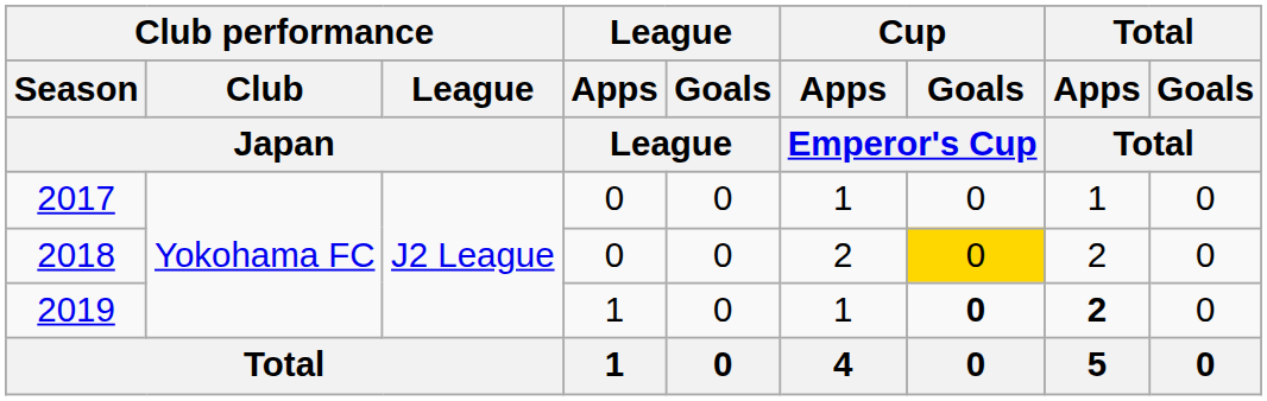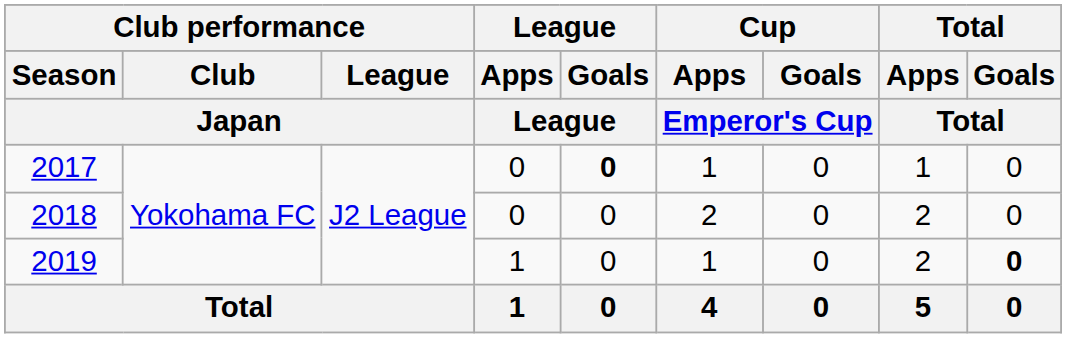 <table class="wikitable" style="text-align:center;">
 <tr>
 <th colspan=3>Club performance</th>
 <th colspan=2>League</th>
 <th colspan=2>Cup</th>
 <th colspan=2>Total</th>
 </tr>
 <tr>
 <th>Season</th>
 <th>Club</th>
 <th>League</th>
 <th>Apps</th>
 <th>Goals</th>
 <th>Apps</th>
 <th>Goals</th>
 <th>Apps</th>
 <th>Goals</th>
 </tr>
 <tr>
 <th colspan=3>Japan</th>
 <th colspan=2>League</th>
 <th colspan=2><a href='#'>Emperor's Cup</a></th>
 <th colspan=2>Total</th>
 </tr>
 <tr>
 <td><a href='#'>2017</a></td>
 <td rowspan="3"><a href='#'>Yokohama FC</a></td>
 <td rowspan="3"><a href='#'>J2 League</a></td>
 <td>0</td>
-<td>0</td>
+<td><strong>0</strong></td>
 <td>1</td>
 <td>0</td>
 <td>1</td>
 <td>0</td>
 </tr>
 <tr>
 <td><a href='#'>2018</a></td>
 <td>0</td>
 <td>0</td>
 <td>2</td>
-<td style="background: gold;">0</td>
+<td>0</td>
 <td>2</td>
 <td>0</td>
 </tr>
 <tr>
 <td><a href='#'>2019</a></td>
 <td>1</td>
 <td>0</td>
 <td>1</td>
+<td>0</td>
+<td>2</td>
 <td><strong>0</strong></td>
-<td><strong>2</strong></td>
-<td>0</td>
 </tr>
 <tr>
 <th colspan=3>Total</th>
 <th>1</th>
 <th>0</th>
 <th>4</th>
 <th>0</th>
 <th>5</th>
 <th>0</th>
 </tr>
 </table>
